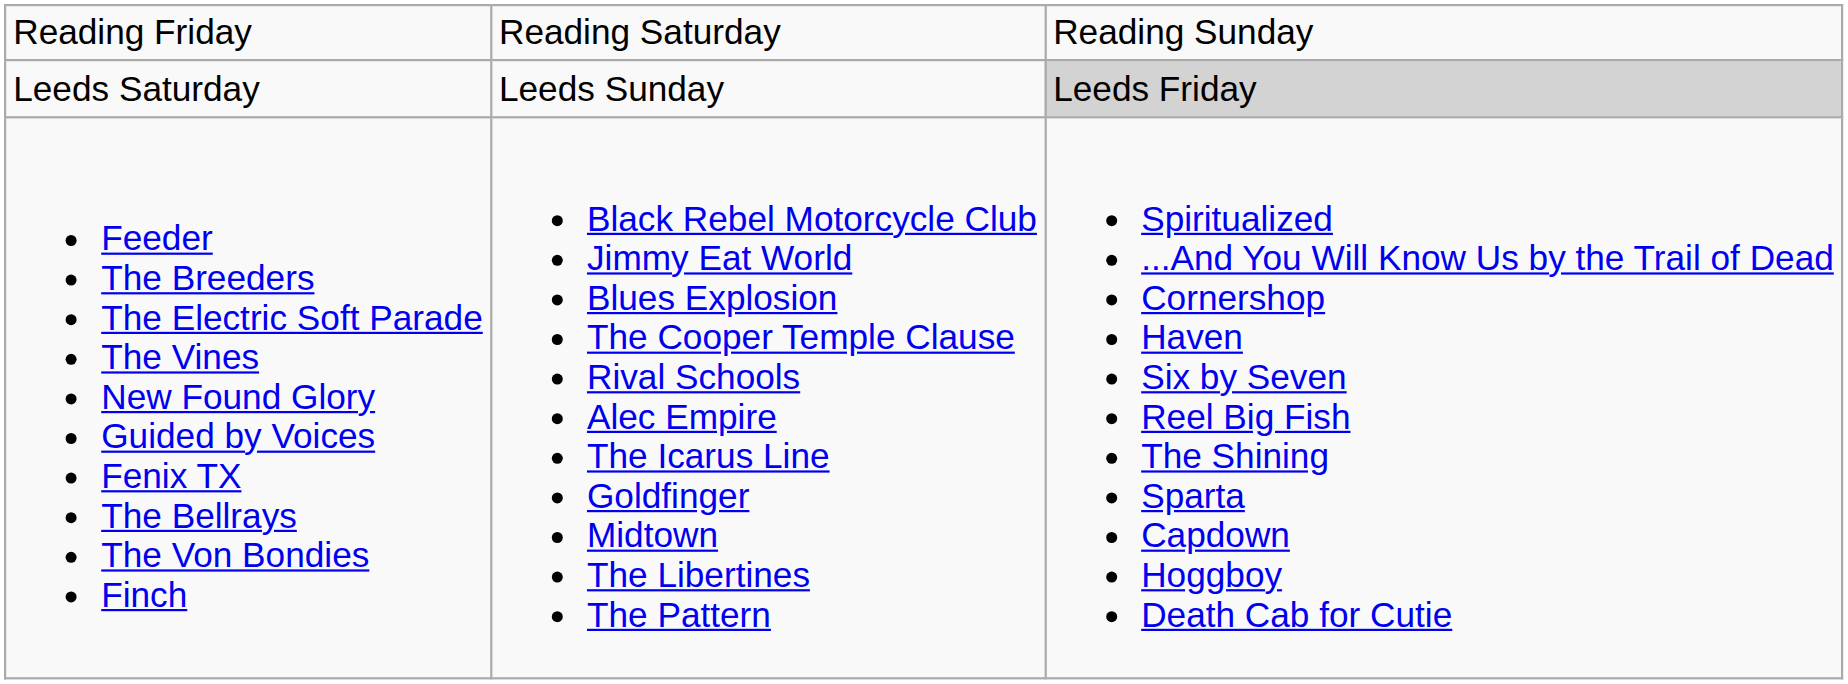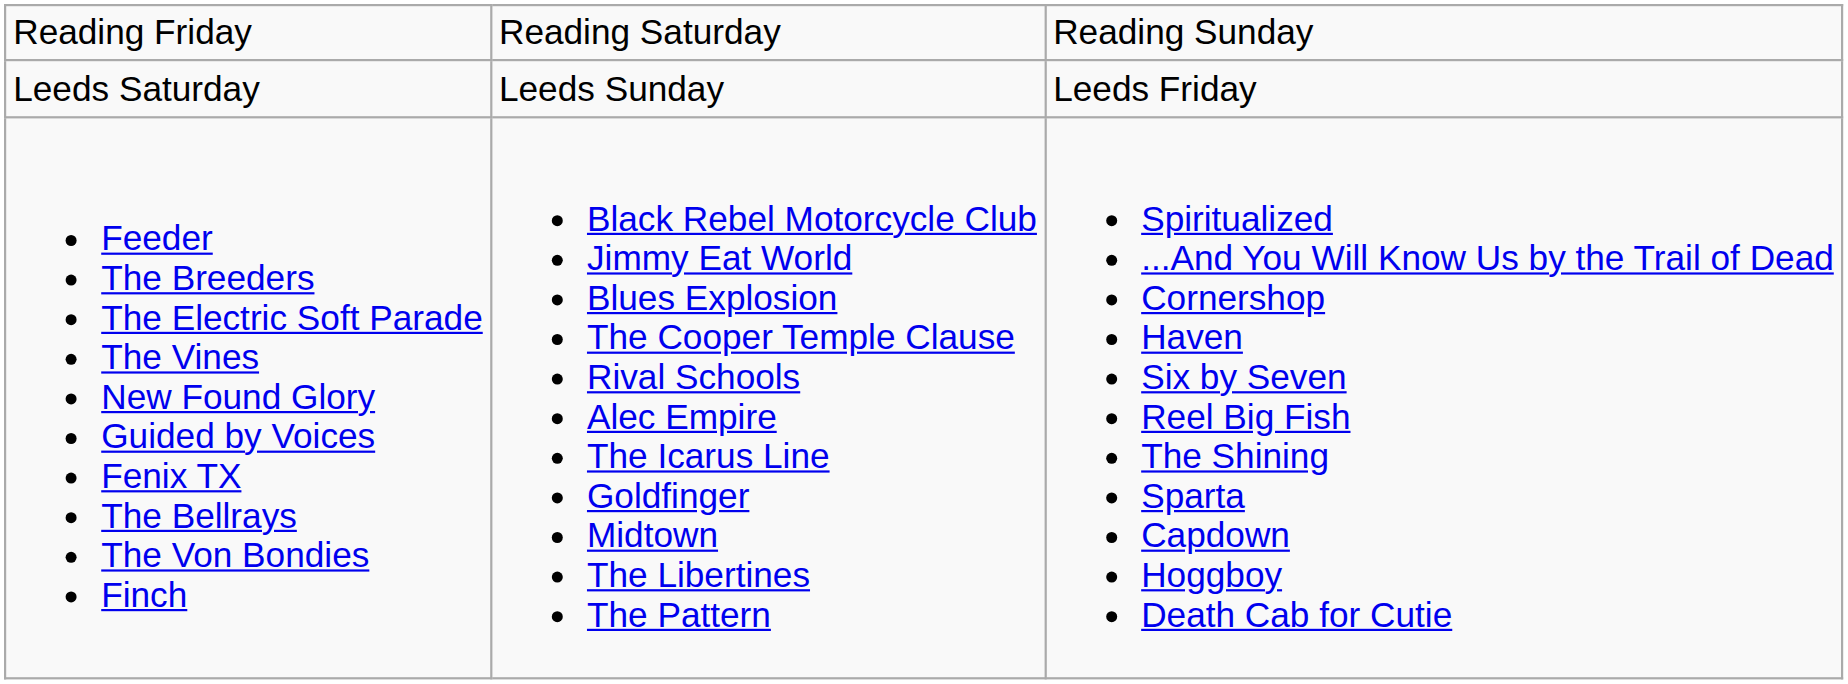 <table class="wikitable">
 <tr>
 <td>Reading Friday</td>
 <td>Reading Saturday</td>
 <td>Reading Sunday</td>
 </tr>
 <tr>
 <td>Leeds Saturday</td>
 <td>Leeds Sunday</td>
-<td style="background: lightgrey;">Leeds Friday</td>
+<td>Leeds Friday</td>
 </tr>
 <tr>
 <td><br><ul><li><a href='#'>Feeder</a></li><li><a href='#'>The Breeders</a></li><li><a href='#'>The Electric Soft Parade</a></li><li><a href='#'>The Vines</a></li><li><a href='#'>New Found Glory</a></li><li><a href='#'>Guided by Voices</a></li><li><a href='#'>Fenix TX</a></li><li><a href='#'>The Bellrays</a></li><li><a href='#'>The Von Bondies</a></li><li><a href='#'>Finch</a></li></ul></td>
 <td><br><ul><li><a href='#'>Black Rebel Motorcycle Club</a></li><li><a href='#'>Jimmy Eat World</a></li><li><a href='#'>Blues Explosion</a></li><li><a href='#'>The Cooper Temple Clause</a></li><li><a href='#'>Rival Schools</a></li><li><a href='#'>Alec Empire</a></li><li><a href='#'>The Icarus Line</a></li><li><a href='#'>Goldfinger</a></li><li><a href='#'>Midtown</a></li><li><a href='#'>The Libertines</a></li><li><a href='#'>The Pattern</a></li></ul></td>
 <td><br><ul><li><a href='#'>Spiritualized</a></li><li><a href='#'>...And You Will Know Us by the Trail of Dead</a></li><li><a href='#'>Cornershop</a></li><li><a href='#'>Haven</a></li><li><a href='#'>Six by Seven</a></li><li><a href='#'>Reel Big Fish</a></li><li><a href='#'>The Shining</a></li><li><a href='#'>Sparta</a></li><li><a href='#'>Capdown</a></li><li><a href='#'>Hoggboy</a></li><li><a href='#'>Death Cab for Cutie</a></li></ul></td>
 </tr>
 </table>
